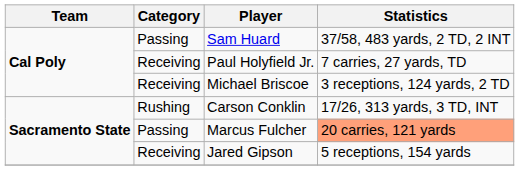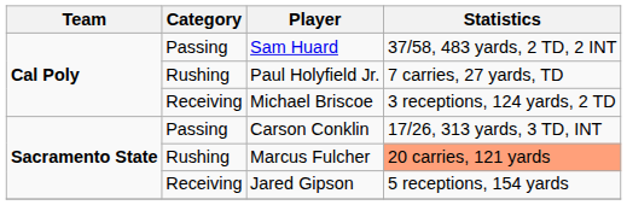 <table class="wikitable" style="float: right;">
 <tr>
 <th>Team</th>
 <th>Category</th>
 <th>Player</th>
 <th>Statistics</th>
 </tr>
 <tr>
 <td rowspan=3><strong>Cal Poly</strong></td>
 <td>Passing</td>
 <td><a href='#'>Sam Huard</a></td>
 <td>37/58, 483 yards, 2 TD, 2 INT</td>
 </tr>
 <tr>
-<td>Receiving</td>
+<td>Rushing</td>
 <td>Paul Holyfield Jr.</td>
 <td>7 carries, 27 yards, TD</td>
 </tr>
 <tr>
 <td>Receiving</td>
 <td>Michael Briscoe</td>
 <td>3 receptions, 124 yards, 2 TD</td>
 </tr>
 <tr>
 <td rowspan=3><strong>Sacramento State</strong></td>
-<td>Rushing</td>
+<td>Passing</td>
 <td>Carson Conklin</td>
 <td>17/26, 313 yards, 3 TD, INT</td>
 </tr>
 <tr>
-<td>Passing</td>
+<td>Rushing</td>
 <td>Marcus Fulcher</td>
 <td style="background: lightsalmon;">20 carries, 121 yards</td>
 </tr>
 <tr>
 <td>Receiving</td>
 <td>Jared Gipson</td>
 <td>5 receptions, 154 yards</td>
 </tr>
 <tr>
 </tr>
 </table>
